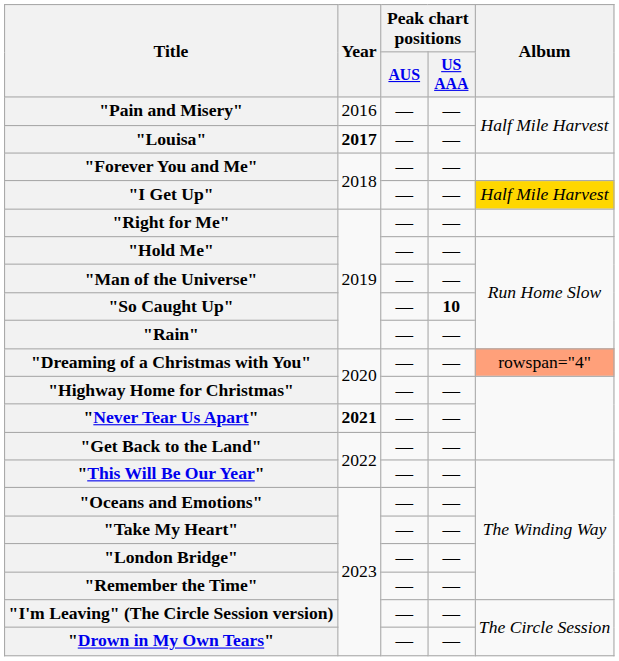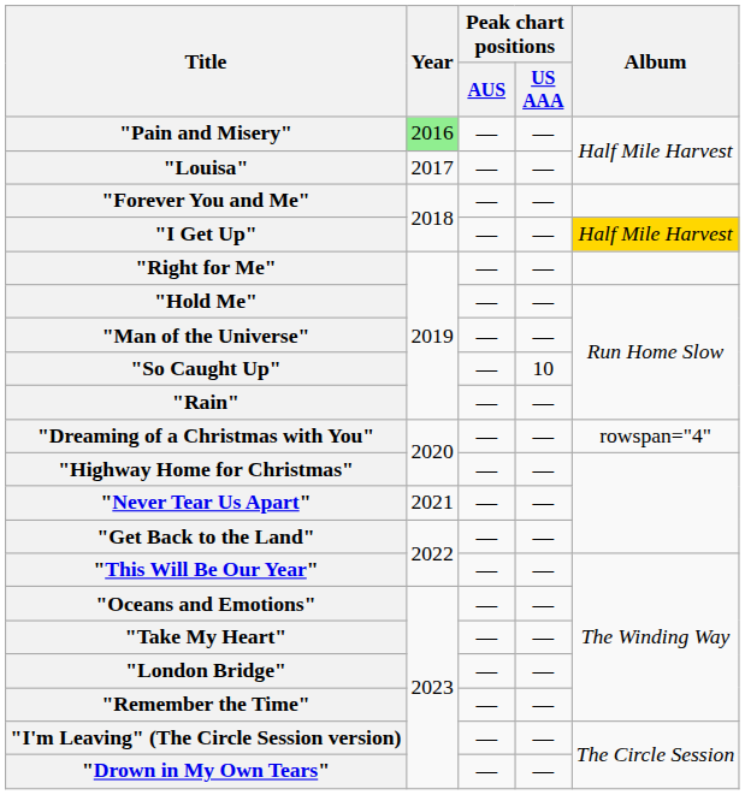 <table class="wikitable plainrowheaders" style="text-align:center">
 <tr>
 <th scope="col" rowspan="2">Title</th>
 <th scope="col" rowspan="2">Year</th>
 <th scope="col" colspan="2">Peak chart positions</th>
 <th scope="col" rowspan="2">Album</th>
 </tr>
 <tr>
 <th scope="col" style="width:2.5em;font-size:90%;"><a href='#'>AUS</a></th>
 <th scope="col" style="width:2.5em;font-size:90%;"><a href='#'>US<br>AAA</a><br></th>
 </tr>
 <tr>
 <th scope="row">"Pain and Misery"</th>
-<td>2016</td>
+<td style="background: lightgreen;">2016</td>
 <td>—</td>
 <td>—</td>
 <td rowspan="2"><em>Half Mile Harvest</em></td>
 </tr>
 <tr>
 <th scope="row">"Louisa"</th>
-<td><strong>2017</strong></td>
+<td>2017</td>
 <td>—</td>
 <td>—</td>
 </tr>
 <tr>
 <th scope="row">"Forever You and Me"</th>
 <td rowspan="2">2018</td>
 <td>—</td>
 <td>—</td>
 <td></td>
 </tr>
 <tr>
 <th scope="row">"I Get Up"</th>
 <td>—</td>
 <td>—</td>
 <td style="background: gold;"><em>Half Mile Harvest</em></td>
 </tr>
 <tr>
 <th scope="row">"Right for Me"</th>
 <td rowspan="5">2019</td>
 <td>—</td>
 <td>—</td>
 <td></td>
 </tr>
 <tr>
 <th scope="row">"Hold Me"</th>
 <td>—</td>
 <td>—</td>
 <td rowspan="4"><em>Run Home Slow</em></td>
 </tr>
 <tr>
 <th scope="row">"Man of the Universe"</th>
 <td>—</td>
 <td>—</td>
 </tr>
 <tr>
 <th scope="row">"So Caught Up"</th>
 <td>—</td>
-<td><strong>10</strong></td>
+<td>10</td>
 </tr>
 <tr>
 <th scope="row">"Rain"</th>
 <td>—</td>
 <td>—</td>
 </tr>
 <tr>
 <th scope="row">"Dreaming of a Christmas with You"</th>
 <td rowspan="2">2020</td>
 <td>—</td>
 <td>—</td>
-<td style="background: lightsalmon;">rowspan="4" </td>
+<td>rowspan="4" </td>
 </tr>
 <tr>
 <th scope="row">"Highway Home for Christmas"</th>
 <td>—</td>
 <td>—</td>
 </tr>
 <tr>
 <th scope="row">"<a href='#'>Never Tear Us Apart</a>"</th>
-<td><strong>2021</strong></td>
+<td>2021</td>
 <td>—</td>
 <td>—</td>
 </tr>
 <tr>
 <th scope="row">"Get Back to the Land" <br> </th>
 <td rowspan="2">2022</td>
 <td>—</td>
 <td>—</td>
 </tr>
 <tr>
 <th scope="row">"<a href='#'>This Will Be Our Year</a>"</th>
 <td>—</td>
 <td>—</td>
 <td rowspan="5"><em>The Winding Way</em></td>
 </tr>
 <tr>
 <th scope="row">"Oceans and Emotions"</th>
 <td rowspan="6">2023</td>
 <td>—</td>
 <td>—</td>
 </tr>
 <tr>
 <th scope="row">"Take My Heart"</th>
 <td>—</td>
 <td>—</td>
 </tr>
 <tr>
 <th scope="row">"London Bridge"</th>
 <td>—</td>
 <td>—</td>
 </tr>
 <tr>
 <th scope="row">"Remember the Time"</th>
 <td>—</td>
 <td>—</td>
 </tr>
 <tr>
 <th scope="row">"I'm Leaving" (The Circle Session version)</th>
 <td>—</td>
 <td>—</td>
 <td rowspan="2"><em>The Circle Session</em></td>
 </tr>
 <tr>
 <th scope="row">"<a href='#'>Drown in My Own Tears</a>"</th>
 <td>—</td>
 <td>—</td>
 </tr>
 </table>
